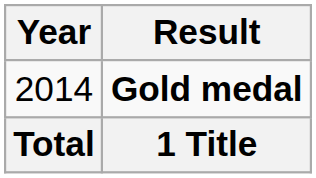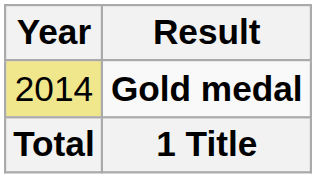 <table class="wikitable" style="text-align: center;">
 <tr>
 <th>Year</th>
 <th>Result</th>
 </tr>
 <tr>
-<td>2014</td>
+<td style="background: khaki;">2014</td>
 <td style="text-align:left;"><strong> Gold medal</strong></td>
 </tr>
 <tr>
 <th>Total</th>
 <th>1 Title</th>
 </tr>
 </table>
